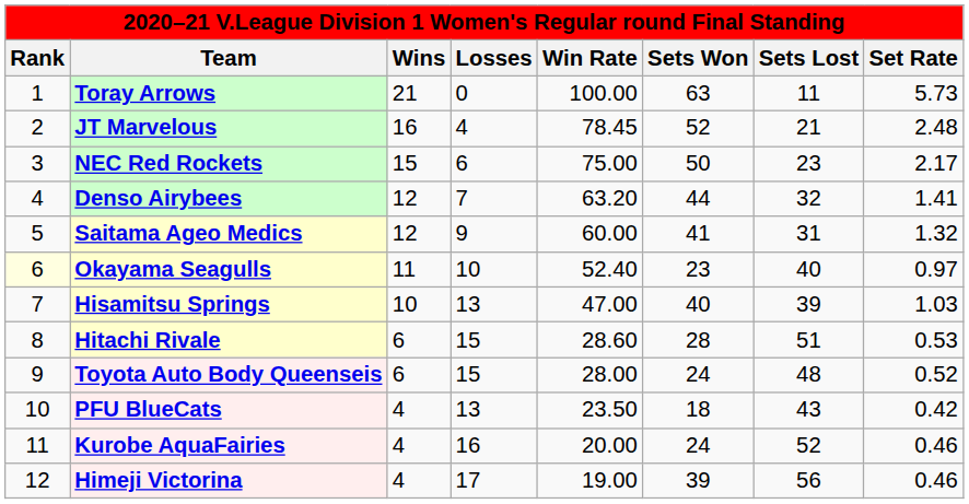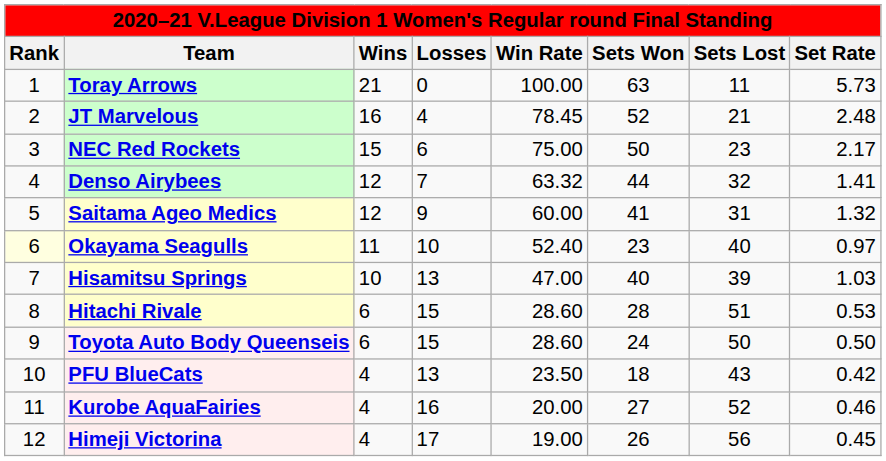 <table class="wikitable" text-align:left;">
 <tr>
 <th style=background:red colspan=8><span>2020–21 V.League Division 1 Women's Regular round Final Standing</span></th>
 </tr>
 <tr>
 <th>Rank</th>
 <th>Team</th>
 <th>Wins</th>
 <th>Losses</th>
 <th>Win Rate</th>
 <th>Sets Won</th>
 <th>Sets Lost</th>
 <th>Set Rate</th>
 </tr>
 <tr>
 <td style="text-align:center;">1</td>
 <td style=background:#ccffcc><strong><a href='#'>Toray Arrows</a></strong></td>
 <td>21</td>
 <td>0</td>
 <td style="text-align:right;">100.00</td>
 <td style="text-align:center;">63</td>
 <td style="text-align:center;">11</td>
 <td style="text-align:right;">5.73</td>
 </tr>
 <tr>
 <td style="text-align:center;">2</td>
 <td style=background:#ccffcc><strong><a href='#'>JT Marvelous</a></strong></td>
 <td>16</td>
 <td>4</td>
 <td style="text-align:right;">78.45</td>
 <td style="text-align:center;">52</td>
 <td style="text-align:center;">21</td>
 <td style="text-align:right;">2.48</td>
 </tr>
 <tr>
 <td style="text-align:center;">3</td>
 <td style=background:#ccffcc><strong><a href='#'>NEC Red Rockets</a></strong></td>
 <td>15</td>
 <td>6</td>
 <td style="text-align:right;">75.00</td>
 <td style="text-align:center;">50</td>
 <td style="text-align:center;">23</td>
 <td style="text-align:right;">2.17</td>
 </tr>
 <tr>
 <td style="text-align:center;”">4</td>
 <td style=background:#ccffcc><strong><a href='#'>Denso Airybees</a></strong></td>
 <td>12</td>
 <td>7</td>
-<td style="text-align:right;">63.20</td>
+<td style="text-align:right;">63.32</td>
 <td style="text-align:center;">44</td>
 <td style="text-align:center;">32</td>
 <td style="text-align:right;">1.41</td>
 </tr>
 <tr>
 <td style="text-align:center;”">5</td>
 <td style=background:#FFFFCC><strong><a href='#'>Saitama Ageo Medics</a></strong></td>
 <td>12</td>
 <td>9</td>
 <td style="text-align:right;">60.00</td>
 <td style="text-align:center;">41</td>
 <td style="text-align:center;">31</td>
 <td style="text-align:right;">1.32</td>
 </tr>
 <tr>
 <td style="background: lightyellow; text-align:center;”">6</td>
 <td style=background:#FFFFCC><strong><a href='#'>Okayama Seagulls</a></strong></td>
 <td>11</td>
 <td>10</td>
 <td style="text-align:right;">52.40</td>
 <td style="text-align:center;">23</td>
 <td style="text-align:center;">40</td>
 <td style="text-align:right;">0.97</td>
 </tr>
 <tr>
 <td style="text-align:center;”">7</td>
 <td style=background:#FFFFCC><strong><a href='#'>Hisamitsu Springs</a></strong></td>
 <td>10</td>
 <td>13</td>
 <td style="text-align:right;">47.00</td>
 <td style="text-align:center;">40</td>
 <td style="text-align:center;">39</td>
 <td style="text-align:right;">1.03</td>
 </tr>
 <tr>
 <td style="text-align:center;”">8</td>
 <td style=background:#FFFFCC><strong><a href='#'>Hitachi Rivale</a></strong></td>
 <td>6</td>
 <td>15</td>
 <td style="text-align:right;">28.60</td>
 <td style="text-align:center;">28</td>
 <td style="text-align:center;">51</td>
 <td style="text-align:right;">0.53</td>
 </tr>
 <tr>
 <td style="text-align:center;”">9</td>
 <td style=background:#FFEEEE><strong><a href='#'>Toyota Auto Body Queenseis</a></strong></td>
 <td>6</td>
 <td>15</td>
-<td style="text-align:right;">28.00</td>
+<td style="text-align:right;">28.60</td>
 <td style="text-align:center;">24</td>
-<td style="text-align:center;">48</td>
-<td style="text-align:right;">0.52</td>
+<td style="text-align:center;">50</td>
+<td style="text-align:right;">0.50</td>
 </tr>
 <tr>
 <td style="text-align:center;”">10</td>
 <td style=background:#FFEEEE><strong><a href='#'>PFU BlueCats</a></strong></td>
 <td>4</td>
 <td>13</td>
 <td style="text-align:right;">23.50</td>
 <td style="text-align:center;">18</td>
 <td style="text-align:center;">43</td>
 <td style="text-align:right;">0.42</td>
 </tr>
 <tr>
 <td style="text-align:center;”">11</td>
 <td style=background:#FFEEEE><strong><a href='#'>Kurobe AquaFairies</a></strong></td>
 <td>4</td>
 <td>16</td>
 <td style="text-align:right;">20.00</td>
-<td style="text-align:center;">24</td>
+<td style="text-align:center;">27</td>
 <td style="text-align:center;">52</td>
 <td style="text-align:right;">0.46</td>
 </tr>
 <tr>
 <td style="text-align:center;”">12</td>
 <td style=background:#FFEEEE><strong><a href='#'>Himeji Victorina</a></strong></td>
 <td>4</td>
 <td>17</td>
 <td style="text-align:right;">19.00</td>
-<td style="text-align:center;">39</td>
+<td style="text-align:center;">26</td>
 <td style="text-align:center;">56</td>
-<td style="text-align:right;">0.46</td>
+<td style="text-align:right;">0.45</td>
 </tr>
 </table>
